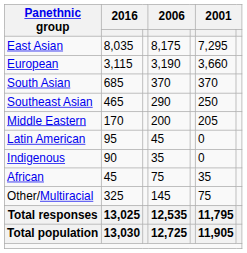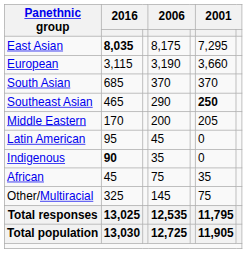 <table class="wikitable sortable">
 <tr>
 <th rowspan="2"><a href='#'>Panethnic</a><br>group</th>
 <th colspan="2">2016</th>
 <th colspan="2">2006</th>
 <th colspan="2">2001</th>
 </tr>
 <tr>
 <th><a href='#'></a></th>
 <th></th>
 <th></th>
 <th></th>
 <th></th>
 <th></th>
 </tr>
 <tr>
 <td><a href='#'>East Asian</a></td>
-<td>8,035</td>
+<td><strong>8,035</strong></td>
 <td></td>
 <td>8,175</td>
 <td></td>
 <td>7,295</td>
 <td></td>
 </tr>
 <tr>
 <td><a href='#'>European</a></td>
 <td>3,115</td>
 <td></td>
 <td>3,190</td>
 <td></td>
 <td>3,660</td>
 <td></td>
 </tr>
 <tr>
 <td><a href='#'>South Asian</a></td>
 <td>685</td>
 <td></td>
 <td>370</td>
 <td></td>
 <td>370</td>
 <td></td>
 </tr>
 <tr>
 <td><a href='#'>Southeast Asian</a></td>
 <td>465</td>
 <td></td>
 <td>290</td>
 <td></td>
-<td>250</td>
+<td><strong>250</strong></td>
 <td></td>
 </tr>
 <tr>
 <td><a href='#'>Middle Eastern</a></td>
 <td>170</td>
 <td></td>
 <td>200</td>
 <td></td>
 <td>205</td>
 <td></td>
 </tr>
 <tr>
 <td><a href='#'>Latin American</a></td>
 <td>95</td>
 <td></td>
 <td>45</td>
 <td></td>
 <td>0</td>
 <td></td>
 </tr>
 <tr>
 <td><a href='#'>Indigenous</a></td>
-<td>90</td>
+<td><strong>90</strong></td>
 <td></td>
 <td>35</td>
 <td></td>
 <td>0</td>
 <td></td>
 </tr>
 <tr>
 <td><a href='#'>African</a></td>
 <td>45</td>
 <td></td>
 <td>75</td>
 <td></td>
 <td>35</td>
 <td></td>
 </tr>
 <tr>
 <td>Other/<a href='#'>Multiracial</a></td>
 <td>325</td>
 <td></td>
 <td>145</td>
 <td></td>
 <td>75</td>
 <td></td>
 </tr>
 <tr>
 <th>Total responses</th>
 <th>13,025</th>
 <th></th>
 <th>12,535</th>
 <th></th>
 <th>11,795</th>
 <th></th>
 </tr>
 <tr>
 <th>Total population</th>
 <th>13,030</th>
 <th></th>
 <th>12,725</th>
 <th></th>
 <th>11,905</th>
 <th></th>
 </tr>
 <tr class="sortbottom">
 <td colspan="10"></td>
 </tr>
 </table>
